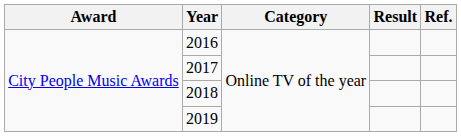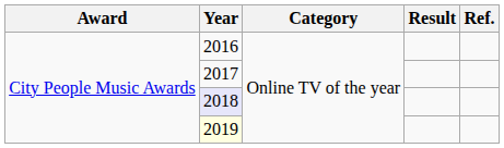 <table class="wikitable">
 <tr>
 <th>Award</th>
 <th>Year</th>
 <th>Category</th>
 <th>Result</th>
 <th>Ref.</th>
 </tr>
 <tr>
 <td rowspan="4"><a href='#'>City People Music Awards</a></td>
 <td>2016</td>
 <td rowspan="4">Online TV of the year</td>
 <td></td>
 <td></td>
 </tr>
 <tr>
 <td>2017</td>
 <td></td>
 <td></td>
 </tr>
 <tr>
-<td>2018</td>
+<td style="background: lavender;">2018</td>
 <td></td>
 <td></td>
 </tr>
 <tr>
-<td>2019</td>
+<td style="background: lightyellow;">2019</td>
 <td></td>
 <td></td>
 </tr>
 </table>
